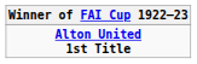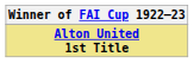 <table class="wikitable" style="text-align: center; margin: 0 auto;">
 <tr>
 <th>Winner of <a href='#'>FAI Cup</a> 1922–23</th>
 </tr>
 <tr>
 </tr>
 <tr>
-<td><strong><a href='#'>Alton United</a></strong><br><strong>1st Title</strong></td>
+<td style="background: khaki;"><strong><a href='#'>Alton United</a></strong><br><strong>1st Title</strong></td>
 </tr>
 </table>
